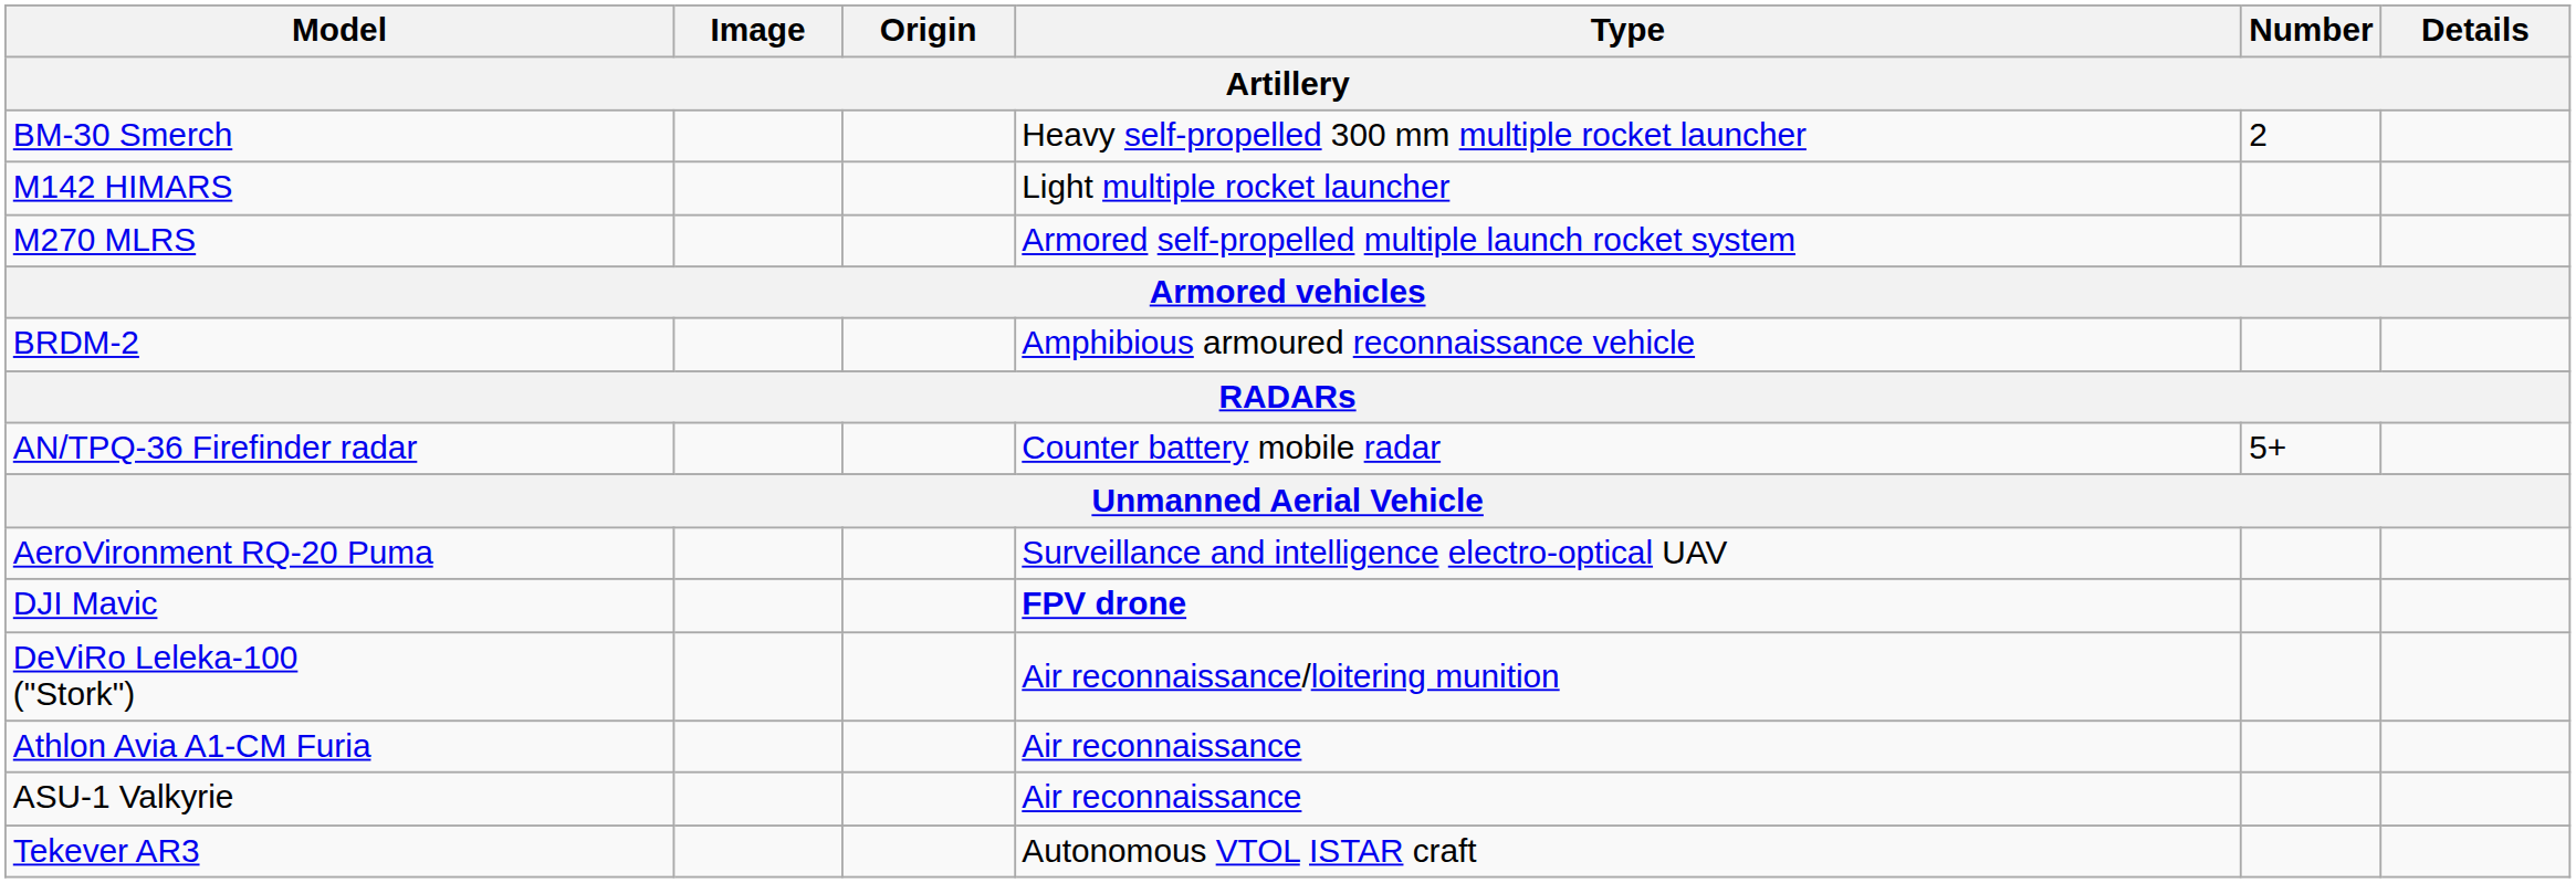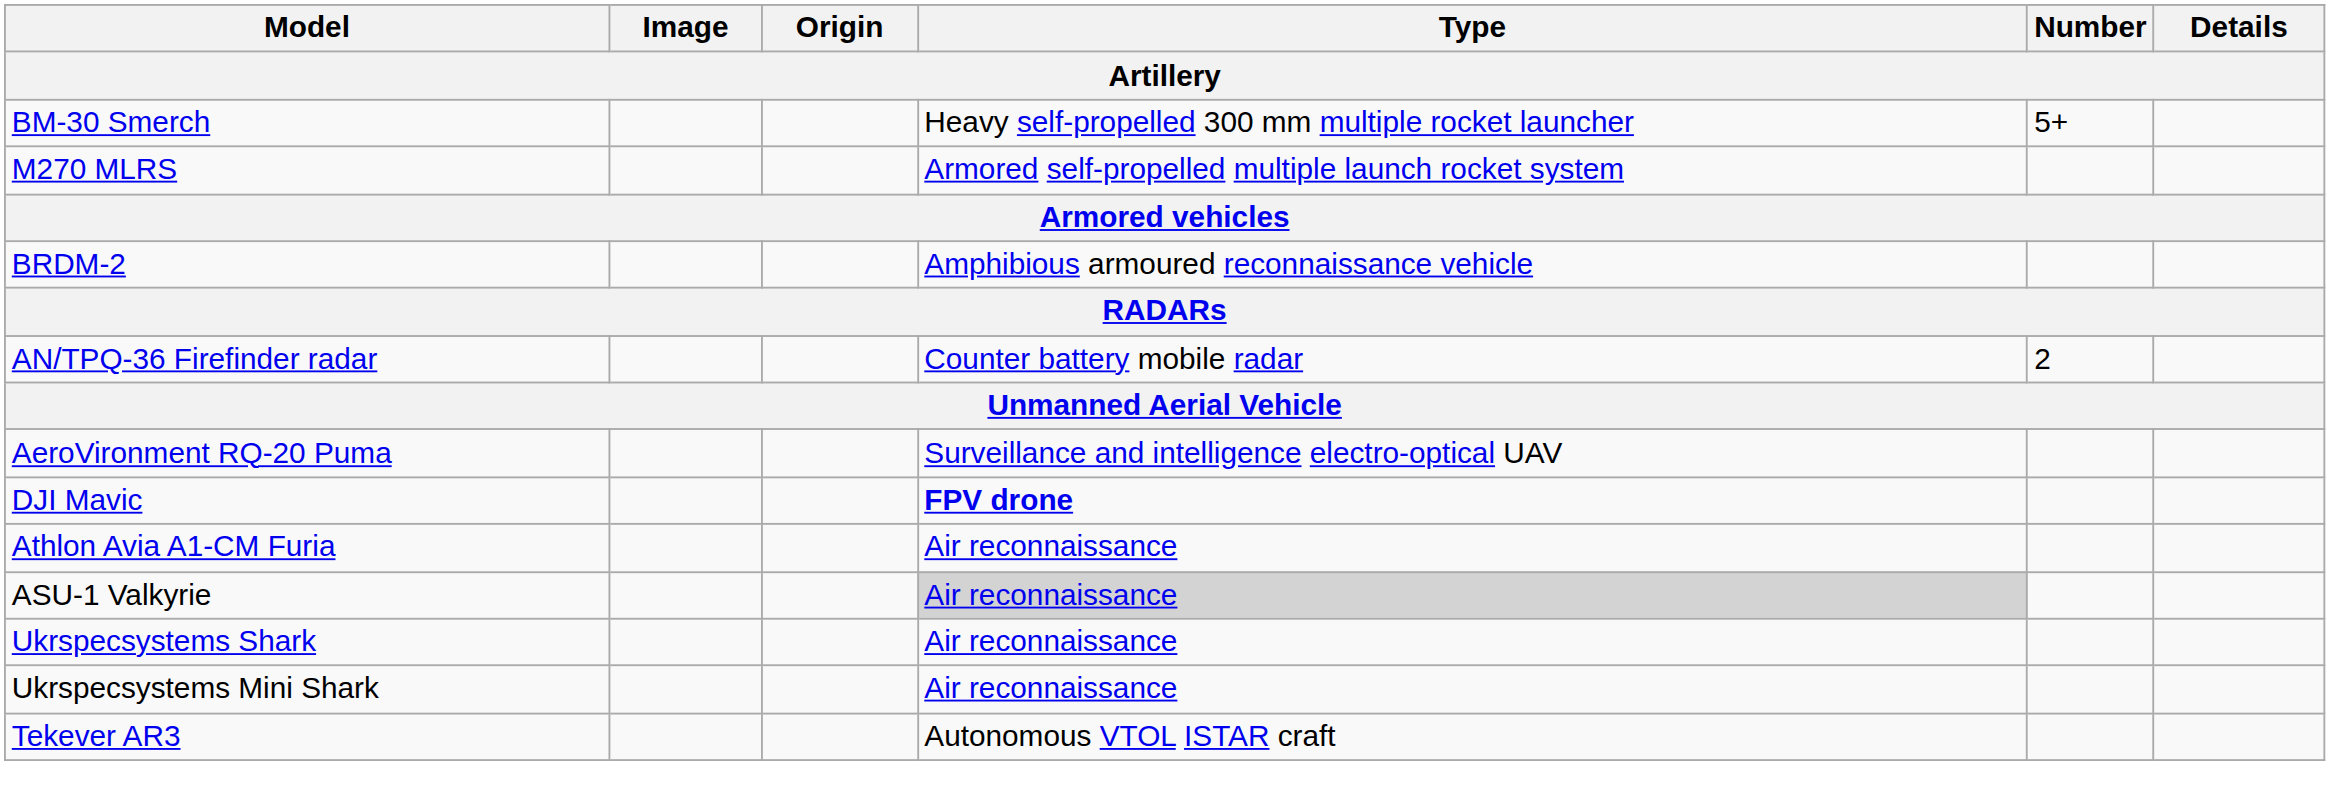 <table class="wikitable">
 <tr>
 <th>Model</th>
 <th>Image</th>
 <th>Origin</th>
 <th>Type</th>
 <th style="width:5%;">Number</th>
 <th>Details</th>
 </tr>
 <tr>
 <th colspan="6" style="align: center;">Artillery</th>
 </tr>
 <tr>
 <td><a href='#'>BM-30 Smerch</a></td>
 <td></td>
 <td></td>
 <td>Heavy <a href='#'>self-propelled</a> 300 mm <a href='#'>multiple rocket launcher</a></td>
-<td>2</td>
-<td></td>
-</tr>
-<tr>
-<td><a href='#'>M142 HIMARS</a></td>
-<td></td>
-<td></td>
-<td>Light <a href='#'>multiple rocket launcher</a></td>
-<td></td>
+<td>5+</td>
 <td></td>
 </tr>
 <tr>
 <td><a href='#'>M270 MLRS</a></td>
 <td></td>
 <td></td>
 <td><a href='#'>Armored</a> <a href='#'>self-propelled</a> <a href='#'>multiple launch rocket system</a></td>
 <td></td>
 <td></td>
 </tr>
 <tr>
 <th colspan="6" style="align: center;"><a href='#'>Armored vehicles</a></th>
 </tr>
 <tr>
 <td><a href='#'>BRDM-2</a></td>
 <td></td>
 <td></td>
 <td><a href='#'>Amphibious</a> armoured <a href='#'>reconnaissance vehicle</a></td>
 <td></td>
 <td></td>
 </tr>
 <tr>
 <th colspan="6" style="align: center;"><a href='#'>RADARs</a></th>
 </tr>
 <tr>
 <td><a href='#'>AN/TPQ-36 Firefinder radar</a></td>
 <td></td>
 <td></td>
 <td><a href='#'>Counter battery</a> mobile <a href='#'>radar</a></td>
-<td>5+</td>
+<td>2</td>
 <td></td>
 </tr>
 <tr>
 <th colspan="6" style="align: center;"><a href='#'>Unmanned Aerial Vehicle</a></th>
 </tr>
 <tr>
 <td><a href='#'>AeroVironment RQ-20 Puma</a></td>
 <td></td>
 <td></td>
 <td><a href='#'>Surveillance and intelligence</a> <a href='#'>electro-optical</a> UAV</td>
 <td></td>
 <td></td>
 </tr>
 <tr>
 <td><a href='#'>DJI Mavic</a></td>
 <td></td>
 <td></td>
 <td><strong><a href='#'>FPV drone</a></strong></td>
 <td></td>
 <td></td>
 </tr>
 <tr>
-<td><a href='#'>DeViRo Leleka-100</a><br>("Stork")</td>
-<td></td>
-<td></td>
-<td><a href='#'>Air reconnaissance</a>/<a href='#'>loitering munition</a></td>
-<td></td>
-<td></td>
-</tr>
-<tr>
 <td><a href='#'>Athlon Avia A1-CM Furia</a></td>
 <td></td>
 <td></td>
 <td><a href='#'>Air reconnaissance</a></td>
 <td></td>
 <td></td>
 </tr>
 <tr>
 <td>ASU-1 Valkyrie</td>
+<td></td>
+<td></td>
+<td style="background: lightgrey;"><a href='#'>Air reconnaissance</a></td>
+<td></td>
+<td></td>
+</tr>
+<tr>
+<td><a href='#'>Ukrspecsystems Shark</a></td>
+<td></td>
+<td></td>
+<td><a href='#'>Air reconnaissance</a></td>
+<td></td>
+<td></td>
+</tr>
+<tr>
+<td>Ukrspecsystems Mini Shark</td>
 <td></td>
 <td></td>
 <td><a href='#'>Air reconnaissance</a></td>
 <td></td>
 <td></td>
 </tr>
 <tr>
 <td><a href='#'>Tekever AR3</a></td>
 <td></td>
 <td></td>
 <td>Autonomous <a href='#'>VTOL</a> <a href='#'>ISTAR</a> craft</td>
 <td></td>
 <td></td>
 </tr>
 </table>
